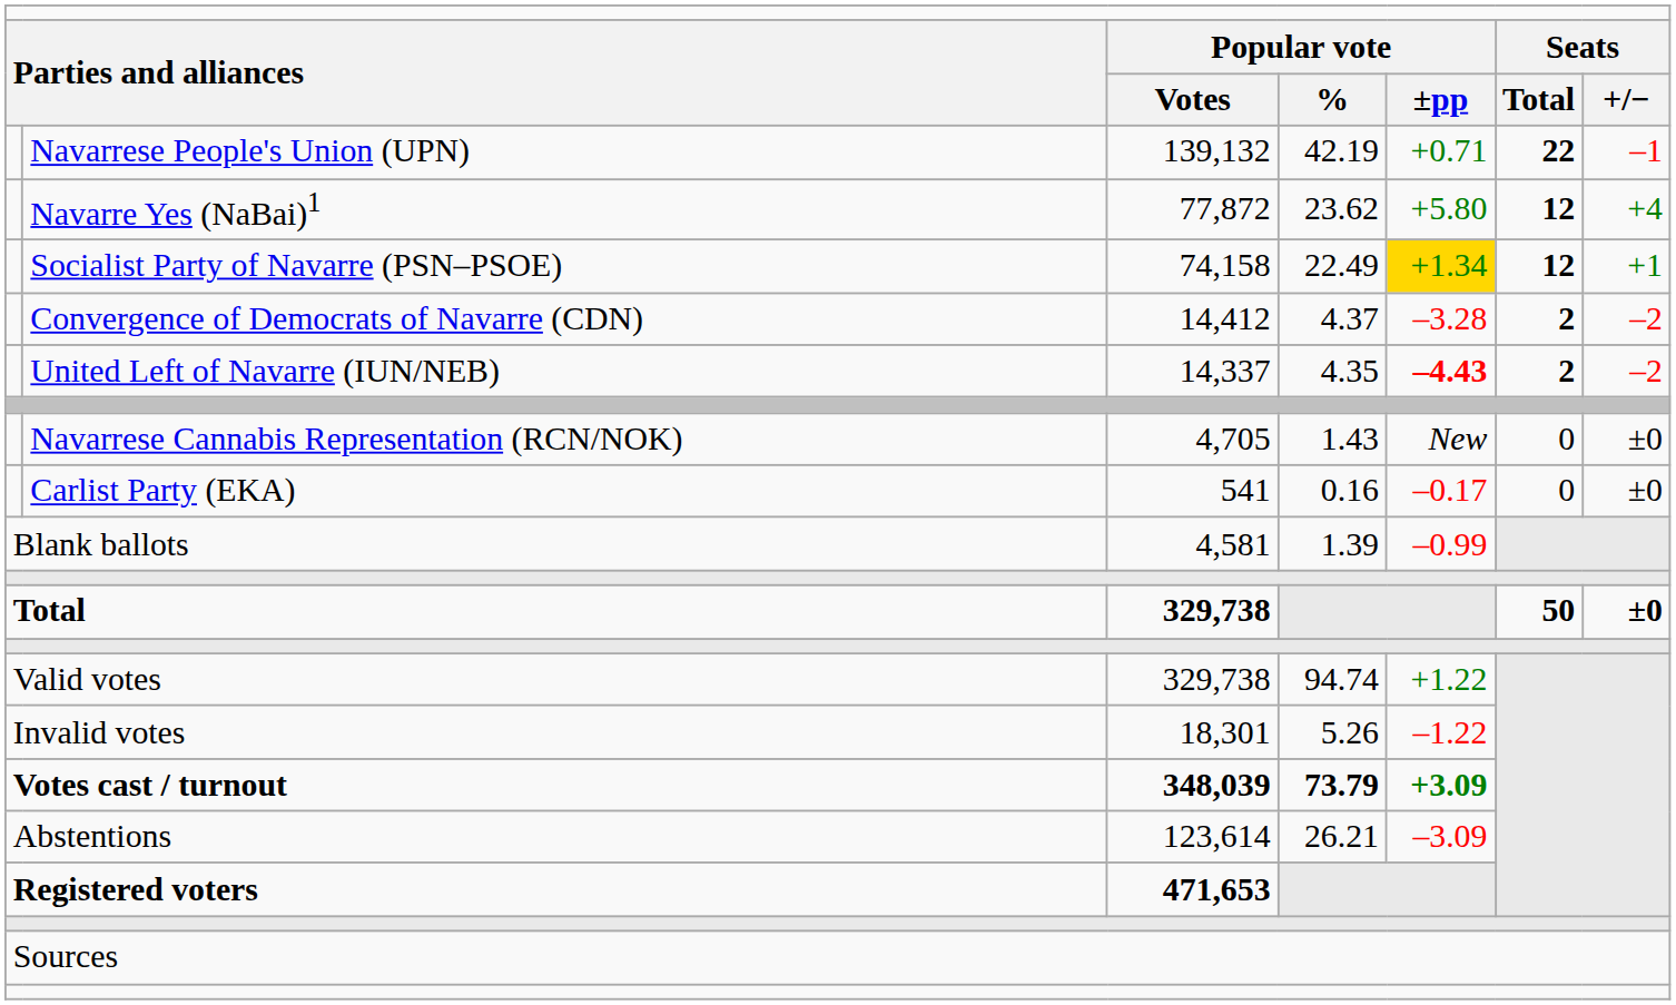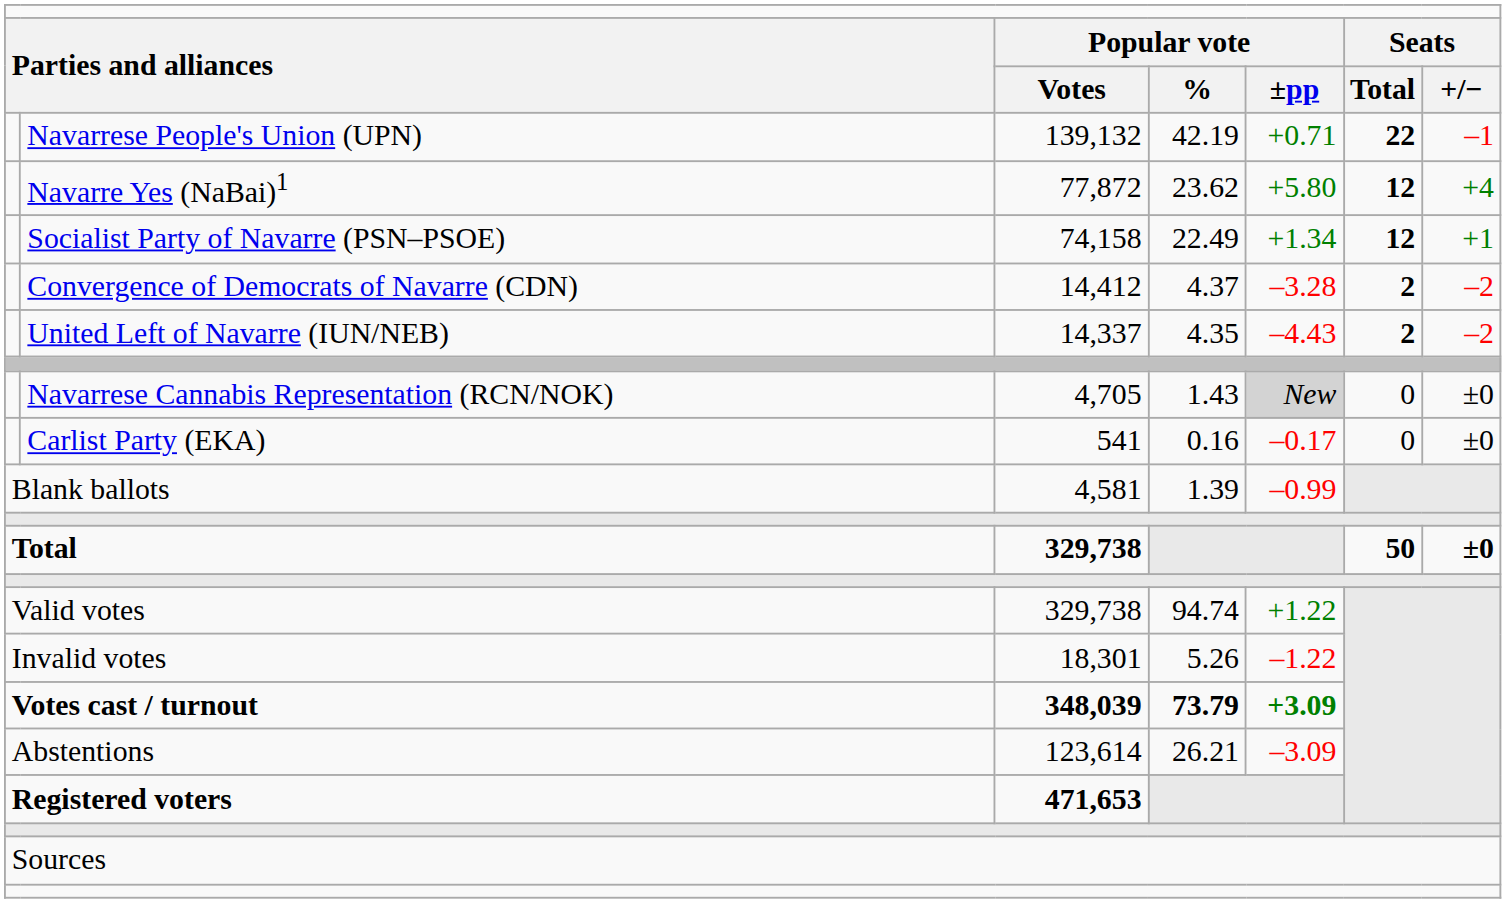 <table class="wikitable" style="text-align:right;">
 <tr>
 <td colspan="7"></td>
 </tr>
 <tr>
 <th style="text-align:left;" rowspan="2" colspan="2" width="525">Parties and alliances</th>
 <th colspan="3">Popular vote</th>
 <th colspan="2">Seats</th>
 </tr>
 <tr>
 <th width="75">Votes</th>
 <th width="45">%</th>
 <th width="45">±<a href='#'>pp</a></th>
 <th width="35">Total</th>
 <th width="35">+/−</th>
 </tr>
 <tr>
 <td width="1" style="color:inherit;background:"></td>
 <td align="left"><a href='#'>Navarrese People's Union</a> (UPN)</td>
 <td>139,132</td>
 <td>42.19</td>
 <td style="color:green;">+0.71</td>
 <td><strong>22</strong></td>
 <td style="color:red;">–1</td>
 </tr>
 <tr>
 <td style="color:inherit;background:"></td>
 <td align="left"><a href='#'>Navarre Yes</a> (NaBai)<sup>1</sup></td>
 <td>77,872</td>
 <td>23.62</td>
 <td style="color:green;">+5.80</td>
 <td><strong>12</strong></td>
 <td style="color:green;">+4</td>
 </tr>
 <tr>
 <td style="color:inherit;background:"></td>
 <td align="left"><a href='#'>Socialist Party of Navarre</a> (PSN–PSOE)</td>
 <td>74,158</td>
 <td>22.49</td>
-<td style="background: gold; color:green;">+1.34</td>
+<td style="color:green;">+1.34</td>
 <td><strong>12</strong></td>
 <td style="color:green;">+1</td>
 </tr>
 <tr>
 <td style="color:inherit;background:"></td>
 <td align="left"><a href='#'>Convergence of Democrats of Navarre</a> (CDN)</td>
 <td>14,412</td>
 <td>4.37</td>
 <td style="color:red;">–3.28</td>
 <td><strong>2</strong></td>
 <td style="color:red;">–2</td>
 </tr>
 <tr>
 <td style="color:inherit;background:"></td>
 <td align="left"><a href='#'>United Left of Navarre</a> (IUN/NEB)</td>
 <td>14,337</td>
 <td>4.35</td>
-<td style="color:red;"><strong>–4.43</strong></td>
+<td style="color:red;">–4.43</td>
 <td><strong>2</strong></td>
 <td style="color:red;">–2</td>
 </tr>
 <tr>
 <td colspan="7" bgcolor="#C0C0C0"></td>
 </tr>
 <tr>
 <td style="color:inherit;background:"></td>
 <td align="left"><a href='#'>Navarrese Cannabis Representation</a> (RCN/NOK)</td>
 <td>4,705</td>
 <td>1.43</td>
-<td><em>New</em></td>
+<td style="background: lightgrey;"><em>New</em></td>
 <td>0</td>
 <td>±0</td>
 </tr>
 <tr>
 <td style="color:inherit;background:"></td>
 <td align="left"><a href='#'>Carlist Party</a> (EKA)</td>
 <td>541</td>
 <td>0.16</td>
 <td style="color:red;">–0.17</td>
 <td>0</td>
 <td>±0</td>
 </tr>
 <tr>
 <td align="left" colspan="2">Blank ballots</td>
 <td>4,581</td>
 <td>1.39</td>
 <td style="color:red;">–0.99</td>
 <td bgcolor="#E9E9E9" colspan="2"></td>
 </tr>
 <tr>
 <td colspan="7" bgcolor="#E9E9E9"></td>
 </tr>
 <tr style="font-weight:bold;">
 <td align="left" colspan="2">Total</td>
 <td>329,738</td>
 <td bgcolor="#E9E9E9" colspan="2"></td>
 <td>50</td>
 <td>±0</td>
 </tr>
 <tr>
 <td colspan="7" bgcolor="#E9E9E9"></td>
 </tr>
 <tr>
 <td align="left" colspan="2">Valid votes</td>
 <td>329,738</td>
 <td>94.74</td>
 <td style="color:green;">+1.22</td>
 <td bgcolor="#E9E9E9" colspan="2" rowspan="5"></td>
 </tr>
 <tr>
 <td align="left" colspan="2">Invalid votes</td>
 <td>18,301</td>
 <td>5.26</td>
 <td style="color:red;">–1.22</td>
 </tr>
 <tr style="font-weight:bold;">
 <td align="left" colspan="2">Votes cast / turnout</td>
 <td>348,039</td>
 <td>73.79</td>
 <td style="color:green;">+3.09</td>
 </tr>
 <tr>
 <td align="left" colspan="2">Abstentions</td>
 <td>123,614</td>
 <td>26.21</td>
 <td style="color:red;">–3.09</td>
 </tr>
 <tr style="font-weight:bold;">
 <td align="left" colspan="2">Registered voters</td>
 <td>471,653</td>
 <td bgcolor="#E9E9E9" colspan="2"></td>
 </tr>
 <tr>
 <td colspan="7" bgcolor="#E9E9E9"></td>
 </tr>
 <tr>
 <td align="left" colspan="7">Sources</td>
 </tr>
 <tr>
 <td colspan="7" style="text-align:left; max-width:790px;"></td>
 </tr>
 </table>
